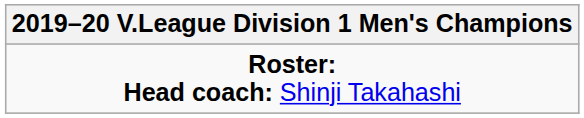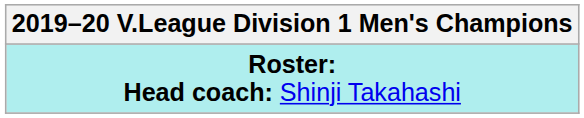 <table class=wikitable style="text-align:center; margin:auto">
 <tr>
 <th>2019–20 V.League Division 1 Men's Champions</th>
 </tr>
 <tr>
-<td><strong>Roster:</strong> <br><strong>Head coach:</strong> <a href='#'>Shinji Takahashi</a></td>
+<td style="background: paleturquoise;"><strong>Roster:</strong> <br><strong>Head coach:</strong> <a href='#'>Shinji Takahashi</a></td>
 </tr>
 </table>
